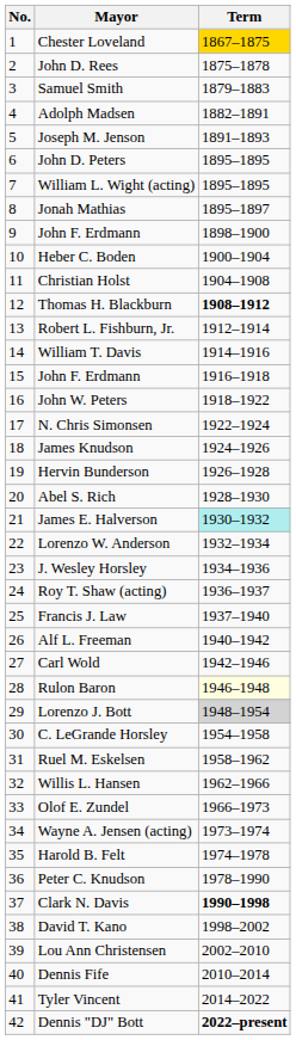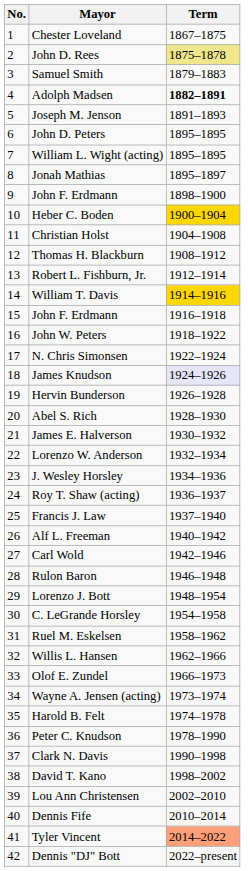 <table class="wikitable">
 <tr>
 <th>No.</th>
 <th>Mayor</th>
 <th>Term</th>
 </tr>
 <tr>
 <td>1</td>
 <td>Chester Loveland</td>
-<td style="background: gold;">1867–1875</td>
+<td>1867–1875</td>
 </tr>
 <tr>
 <td>2</td>
 <td>John D. Rees</td>
-<td>1875–1878</td>
+<td style="background: khaki;">1875–1878</td>
 </tr>
 <tr>
 <td>3</td>
 <td>Samuel Smith</td>
 <td>1879–1883</td>
 </tr>
 <tr>
 <td>4</td>
 <td>Adolph Madsen</td>
-<td>1882–1891</td>
+<td><strong>1882–1891</strong></td>
 </tr>
 <tr>
 <td>5</td>
 <td>Joseph M. Jenson</td>
 <td>1891–1893</td>
 </tr>
 <tr>
 <td>6</td>
 <td>John D. Peters</td>
 <td>1895–1895</td>
 </tr>
 <tr>
 <td>7</td>
 <td>William L. Wight (acting)</td>
 <td>1895–1895</td>
 </tr>
 <tr>
 <td>8</td>
 <td>Jonah Mathias</td>
 <td>1895–1897</td>
 </tr>
 <tr>
 <td>9</td>
 <td>John F. Erdmann</td>
 <td>1898–1900</td>
 </tr>
 <tr>
 <td>10</td>
 <td>Heber C. Boden</td>
-<td>1900–1904</td>
+<td style="background: gold;">1900–1904</td>
 </tr>
 <tr>
 <td>11</td>
 <td>Christian Holst</td>
 <td>1904–1908</td>
 </tr>
 <tr>
 <td>12</td>
 <td>Thomas H. Blackburn</td>
-<td><strong>1908–1912</strong></td>
+<td>1908–1912</td>
 </tr>
 <tr>
 <td>13</td>
 <td>Robert L. Fishburn, Jr.</td>
 <td>1912–1914</td>
 </tr>
 <tr>
 <td>14</td>
 <td>William T. Davis</td>
-<td>1914–1916</td>
+<td style="background: gold;">1914–1916</td>
 </tr>
 <tr>
 <td>15</td>
 <td>John F. Erdmann</td>
 <td>1916–1918</td>
 </tr>
 <tr>
 <td>16</td>
 <td>John W. Peters</td>
 <td>1918–1922</td>
 </tr>
 <tr>
 <td>17</td>
 <td>N. Chris Simonsen</td>
 <td>1922–1924</td>
 </tr>
 <tr>
 <td>18</td>
 <td>James Knudson</td>
-<td>1924–1926</td>
+<td style="background: lavender;">1924–1926</td>
 </tr>
 <tr>
 <td>19</td>
 <td>Hervin Bunderson</td>
 <td>1926–1928</td>
 </tr>
 <tr>
 <td>20</td>
 <td>Abel S. Rich</td>
 <td>1928–1930</td>
 </tr>
 <tr>
 <td>21</td>
 <td>James E. Halverson</td>
-<td style="background: paleturquoise;">1930–1932</td>
+<td>1930–1932</td>
 </tr>
 <tr>
 <td>22</td>
 <td>Lorenzo W. Anderson</td>
 <td>1932–1934</td>
 </tr>
 <tr>
 <td>23</td>
 <td>J. Wesley Horsley</td>
 <td>1934–1936</td>
 </tr>
 <tr>
 <td>24</td>
 <td>Roy T. Shaw (acting)</td>
 <td>1936–1937</td>
 </tr>
 <tr>
 <td>25</td>
 <td>Francis J. Law</td>
 <td>1937–1940</td>
 </tr>
 <tr>
 <td>26</td>
 <td>Alf L. Freeman</td>
 <td>1940–1942</td>
 </tr>
 <tr>
 <td>27</td>
 <td>Carl Wold</td>
 <td>1942–1946</td>
 </tr>
 <tr>
 <td>28</td>
 <td>Rulon Baron</td>
-<td style="background: lightyellow;">1946–1948</td>
+<td>1946–1948</td>
 </tr>
 <tr>
 <td>29</td>
 <td>Lorenzo J. Bott</td>
-<td style="background: lightgrey;">1948–1954</td>
+<td>1948–1954</td>
 </tr>
 <tr>
 <td>30</td>
 <td>C. LeGrande Horsley</td>
 <td>1954–1958</td>
 </tr>
 <tr>
 <td>31</td>
 <td>Ruel M. Eskelsen</td>
 <td>1958–1962</td>
 </tr>
 <tr>
 <td>32</td>
 <td>Willis L. Hansen</td>
 <td>1962–1966</td>
 </tr>
 <tr>
 <td>33</td>
 <td>Olof E. Zundel</td>
 <td>1966–1973</td>
 </tr>
 <tr>
 <td>34</td>
 <td>Wayne A. Jensen (acting)</td>
 <td>1973–1974</td>
 </tr>
 <tr>
 <td>35</td>
 <td>Harold B. Felt</td>
 <td>1974–1978</td>
 </tr>
 <tr>
 <td>36</td>
 <td>Peter C. Knudson</td>
 <td>1978–1990</td>
 </tr>
 <tr>
 <td>37</td>
 <td>Clark N. Davis</td>
-<td><strong>1990–1998</strong></td>
+<td>1990–1998</td>
 </tr>
 <tr>
 <td>38</td>
 <td>David T. Kano</td>
 <td>1998–2002</td>
 </tr>
 <tr>
 <td>39</td>
 <td>Lou Ann Christensen</td>
 <td>2002–2010</td>
 </tr>
 <tr>
 <td>40</td>
 <td>Dennis Fife</td>
 <td>2010–2014</td>
 </tr>
 <tr>
 <td>41</td>
 <td>Tyler Vincent</td>
-<td>2014–2022</td>
+<td style="background: lightsalmon;">2014–2022</td>
 </tr>
 <tr>
 <td>42</td>
 <td>Dennis "DJ" Bott</td>
-<td><strong>2022–present</strong></td>
+<td>2022–present</td>
 </tr>
 </table>
